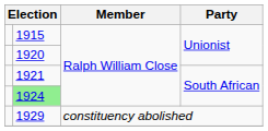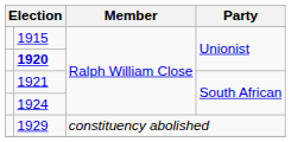 <table class="wikitable">
 <tr>
 <th colspan="2">Election</th>
 <th>Member</th>
 <th>Party</th>
 </tr>
 <tr>
 <td style="background-color: "></td>
 <td><a href='#'>1915</a></td>
 <td rowspan="4"><a href='#'>Ralph William Close</a></td>
 <td rowspan="2"><a href='#'>Unionist</a></td>
 </tr>
 <tr>
 <td style="background-color: "></td>
-<td><a href='#'>1920</a></td>
+<td><strong><a href='#'>1920</a></strong></td>
 </tr>
 <tr>
 <td style="background-color: "></td>
 <td><a href='#'>1921</a></td>
 <td rowspan="2"><a href='#'>South African</a></td>
 </tr>
 <tr>
 <td style="background-color: "></td>
-<td style="background: lightgreen;"><a href='#'>1924</a></td>
+<td><a href='#'>1924</a></td>
 </tr>
 <tr>
 <td style="background-color: "></td>
 <td><a href='#'>1929</a></td>
 <td colspan="2"><em>constituency abolished</em></td>
 </tr>
 <tr>
 </tr>
 </table>
